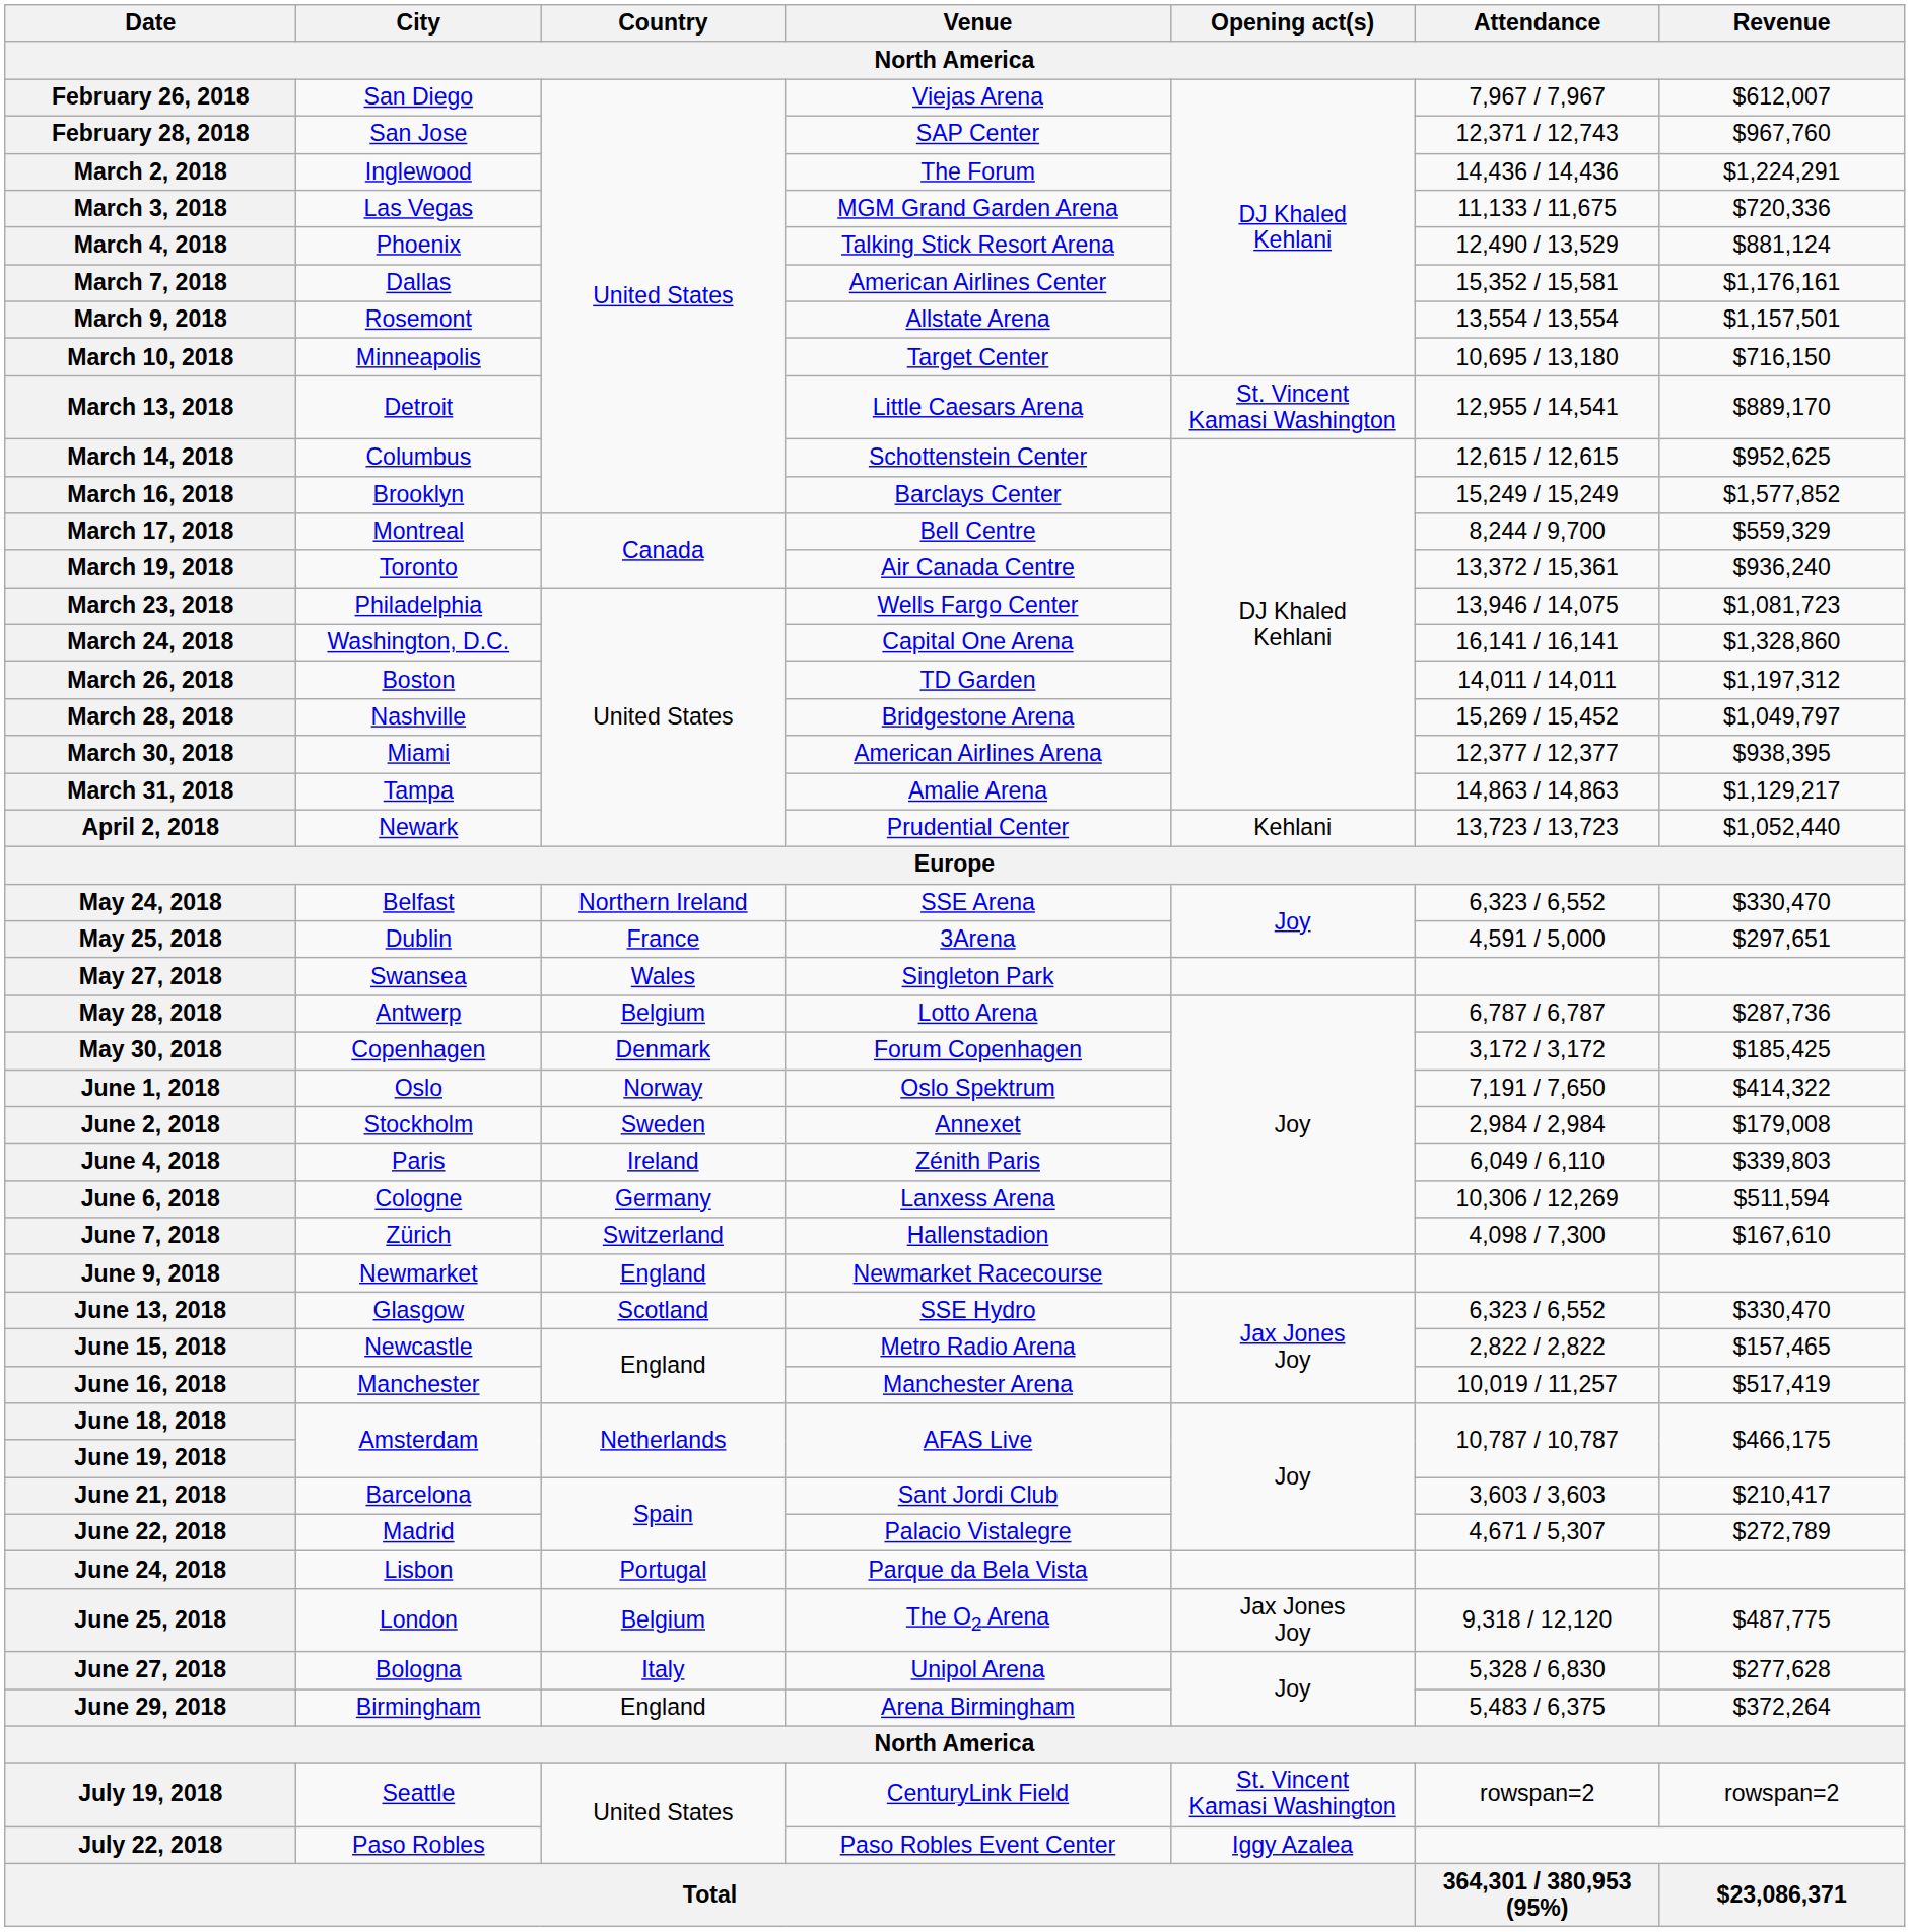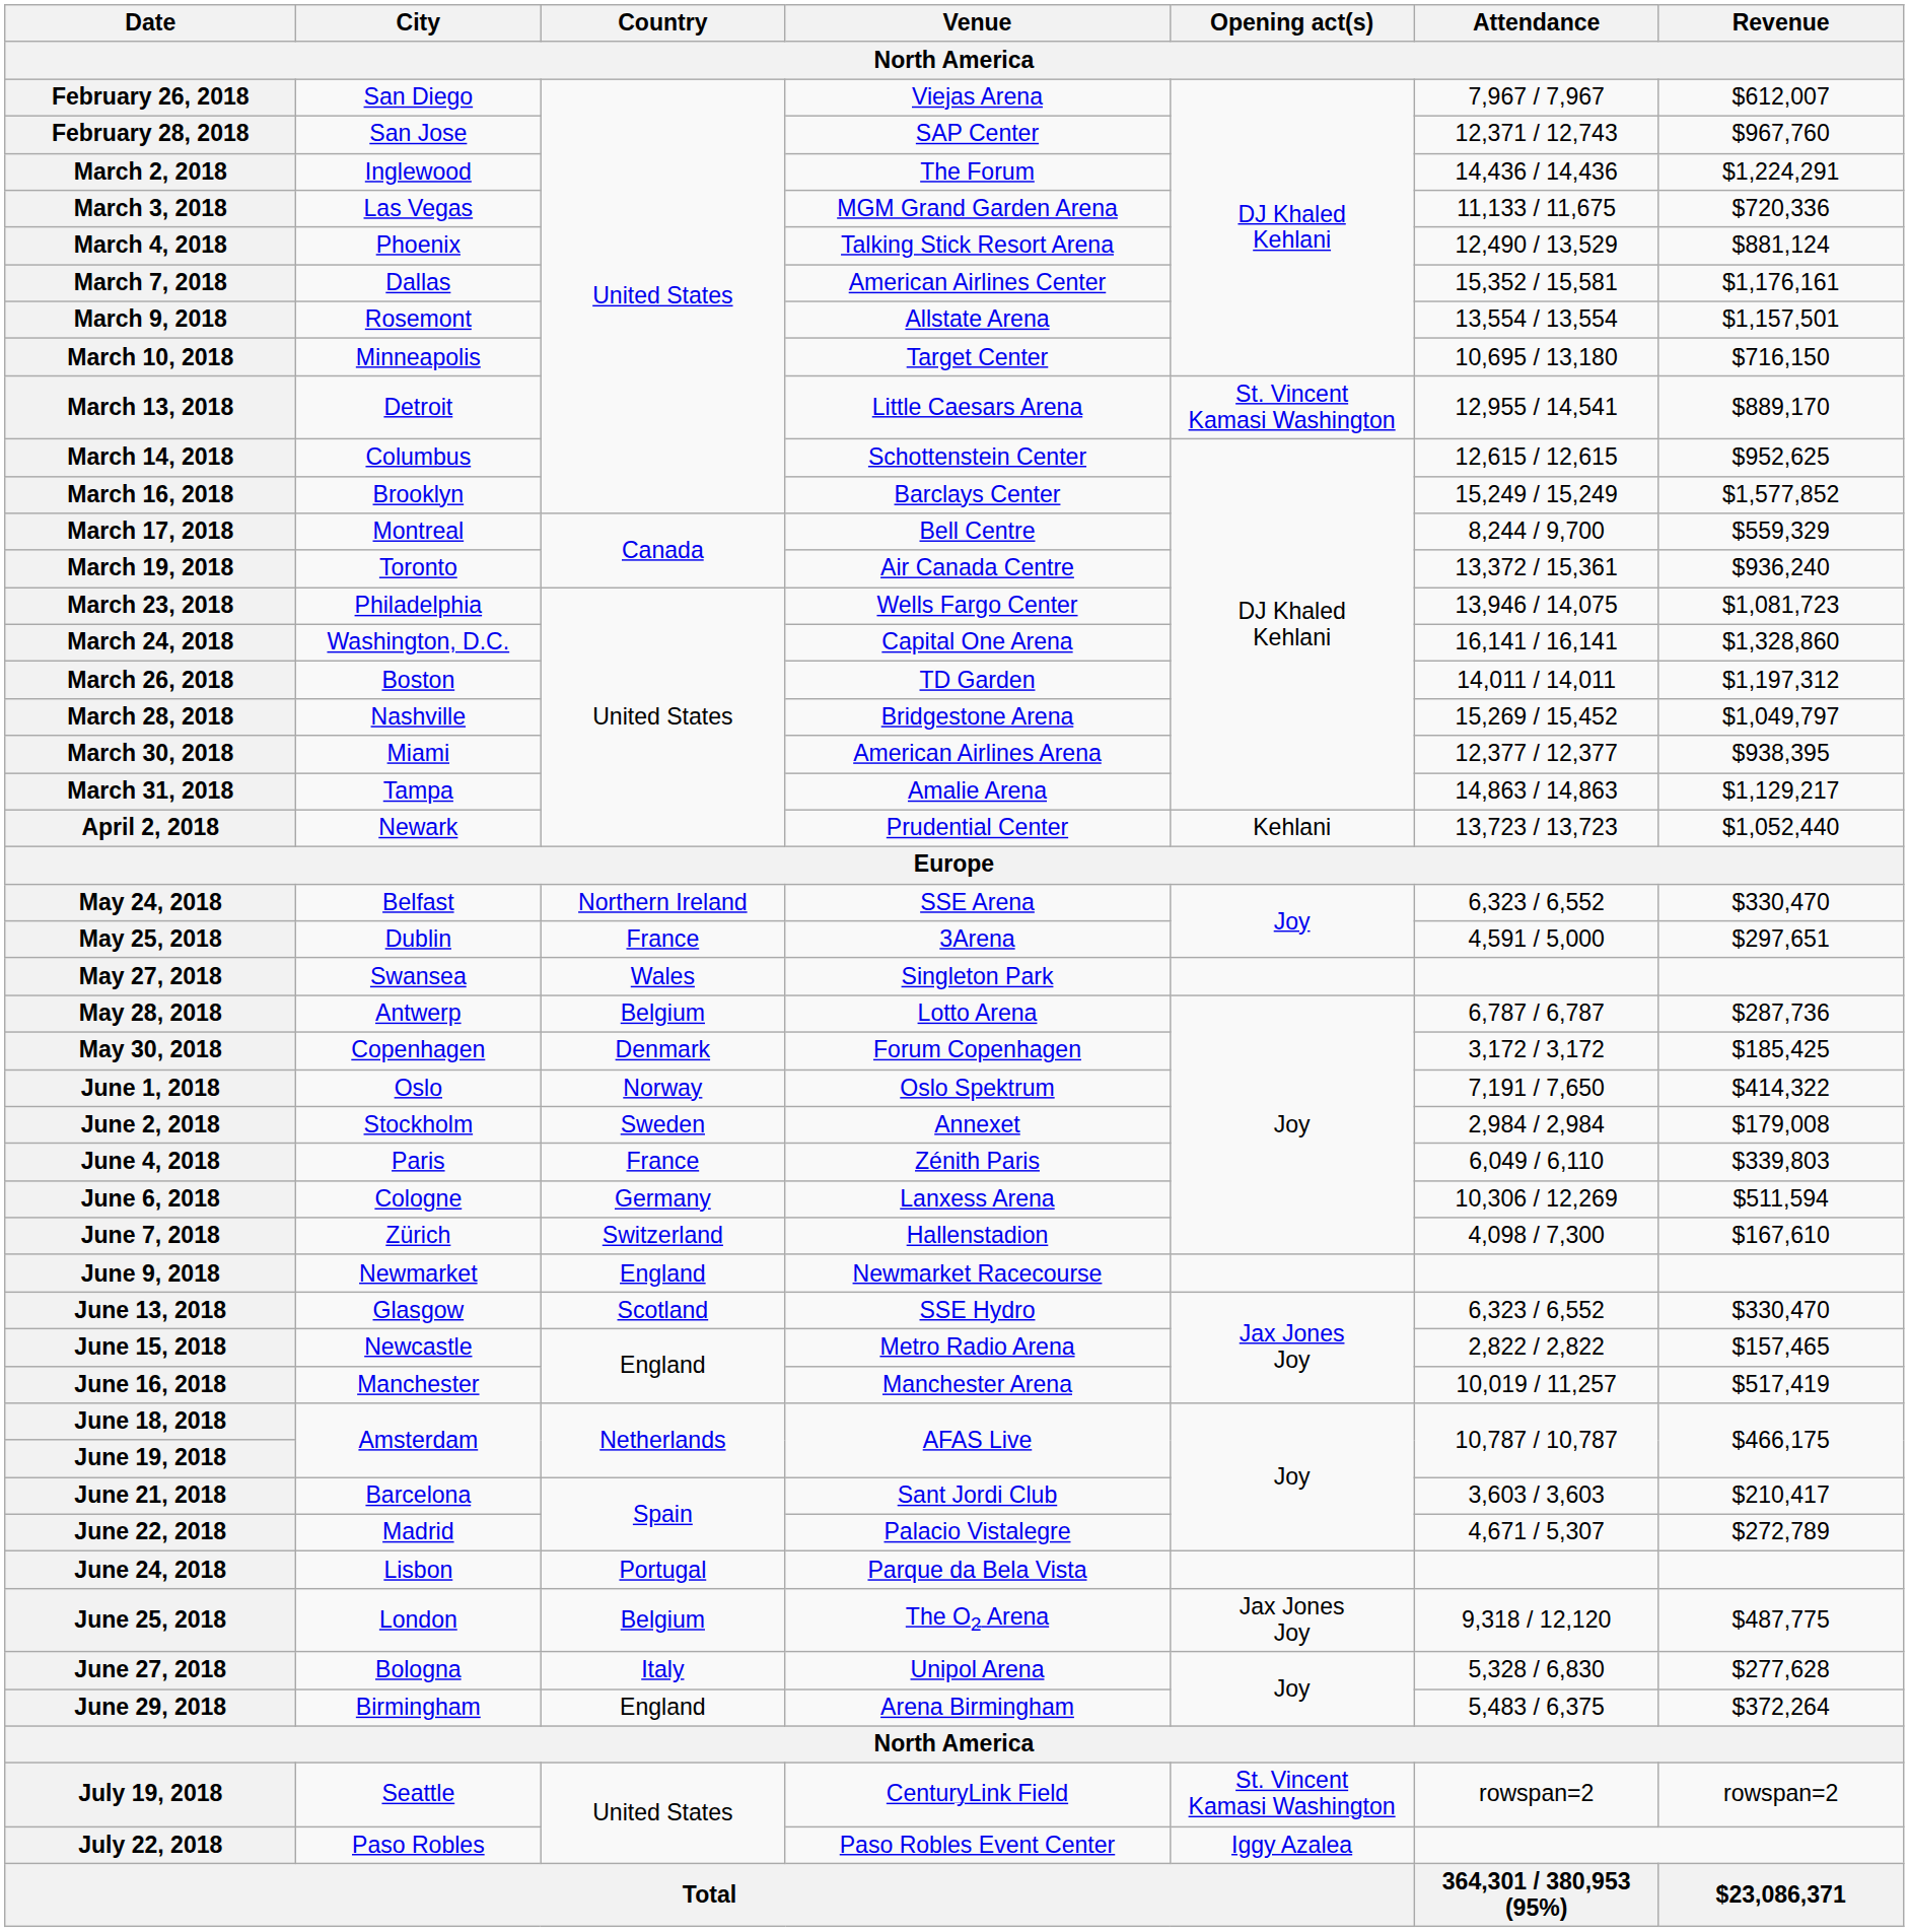 <table class="wikitable plainrowheaders" style="text-align:center;">
 <tr>
 <th scope="col" style="width:12em;">Date</th>
 <th scope="col" style="width:10em;">City</th>
 <th scope="col" style="width:10em;">Country</th>
 <th scope="col" style="width:16em;">Venue</th>
 <th scope="col" style="width:10em;">Opening act(s)</th>
 <th scope="col" style="width:10em;">Attendance</th>
 <th scope="col" style="width:10em;">Revenue</th>
 </tr>
 <tr>
 <th colspan="7">North America</th>
 </tr>
 <tr>
 <th scope="row" style="text-align:center;">February 26, 2018</th>
 <td><a href='#'>San Diego</a></td>
 <td rowspan="11"><a href='#'>United States</a></td>
 <td><a href='#'>Viejas Arena</a></td>
 <td rowspan="8"><a href='#'>DJ Khaled</a><br><a href='#'>Kehlani</a></td>
 <td>7,967 / 7,967</td>
 <td>$612,007</td>
 </tr>
 <tr>
 <th scope="row" style="text-align:center;">February 28, 2018</th>
 <td><a href='#'>San Jose</a></td>
 <td><a href='#'>SAP Center</a></td>
 <td>12,371 / 12,743</td>
 <td>$967,760</td>
 </tr>
 <tr>
 <th scope="row" style="text-align:center;">March 2, 2018</th>
 <td><a href='#'>Inglewood</a></td>
 <td><a href='#'>The Forum</a></td>
 <td>14,436 / 14,436</td>
 <td>$1,224,291</td>
 </tr>
 <tr>
 <th scope="row" style="text-align:center;">March 3, 2018</th>
 <td><a href='#'>Las Vegas</a></td>
 <td><a href='#'>MGM Grand Garden Arena</a></td>
 <td>11,133 / 11,675</td>
 <td>$720,336</td>
 </tr>
 <tr>
 <th scope="row" style="text-align:center;">March 4, 2018</th>
 <td><a href='#'>Phoenix</a></td>
 <td><a href='#'>Talking Stick Resort Arena</a></td>
 <td>12,490 / 13,529</td>
 <td>$881,124</td>
 </tr>
 <tr>
 <th scope="row" style="text-align:center;">March 7, 2018</th>
 <td><a href='#'>Dallas</a></td>
 <td><a href='#'>American Airlines Center</a></td>
 <td>15,352 / 15,581</td>
 <td>$1,176,161</td>
 </tr>
 <tr>
 <th scope="row" style="text-align:center;">March 9, 2018</th>
 <td><a href='#'>Rosemont</a></td>
 <td><a href='#'>Allstate Arena</a></td>
 <td>13,554 / 13,554</td>
 <td>$1,157,501</td>
 </tr>
 <tr>
 <th scope="row" style="text-align:center;">March 10, 2018</th>
 <td><a href='#'>Minneapolis</a></td>
 <td><a href='#'>Target Center</a></td>
 <td>10,695 / 13,180</td>
 <td>$716,150</td>
 </tr>
 <tr>
 <th scope="row" style="text-align:center;">March 13, 2018</th>
 <td><a href='#'>Detroit</a></td>
 <td><a href='#'>Little Caesars Arena</a></td>
 <td><a href='#'>St. Vincent</a><br><a href='#'>Kamasi Washington</a></td>
 <td>12,955 / 14,541</td>
 <td>$889,170</td>
 </tr>
 <tr>
 <th scope="row" style="text-align:center;">March 14, 2018</th>
 <td><a href='#'>Columbus</a></td>
 <td><a href='#'>Schottenstein Center</a></td>
 <td rowspan="10">DJ Khaled<br>Kehlani</td>
 <td>12,615 / 12,615</td>
 <td>$952,625</td>
 </tr>
 <tr>
 <th scope="row" style="text-align:center;">March 16, 2018</th>
 <td><a href='#'>Brooklyn</a></td>
 <td><a href='#'>Barclays Center</a></td>
 <td>15,249 / 15,249</td>
 <td>$1,577,852</td>
 </tr>
 <tr>
 <th scope="row" style="text-align:center;">March 17, 2018</th>
 <td><a href='#'>Montreal</a></td>
 <td rowspan="2"><a href='#'>Canada</a></td>
 <td><a href='#'>Bell Centre</a></td>
 <td>8,244 / 9,700</td>
 <td>$559,329</td>
 </tr>
 <tr>
 <th scope="row" style="text-align:center;">March 19, 2018</th>
 <td><a href='#'>Toronto</a></td>
 <td><a href='#'>Air Canada Centre</a></td>
 <td>13,372 / 15,361</td>
 <td>$936,240</td>
 </tr>
 <tr>
 <th scope="row" style="text-align:center;">March 23, 2018</th>
 <td><a href='#'>Philadelphia</a></td>
 <td rowspan="7">United States</td>
 <td><a href='#'>Wells Fargo Center</a></td>
 <td>13,946 / 14,075</td>
 <td>$1,081,723</td>
 </tr>
 <tr>
 <th scope="row" style="text-align:center;">March 24, 2018</th>
 <td><a href='#'>Washington, D.C.</a></td>
 <td><a href='#'>Capital One Arena</a></td>
 <td>16,141 / 16,141</td>
 <td>$1,328,860</td>
 </tr>
 <tr>
 <th scope="row" style="text-align:center;">March 26, 2018</th>
 <td><a href='#'>Boston</a></td>
 <td><a href='#'>TD Garden</a></td>
 <td>14,011 / 14,011</td>
 <td>$1,197,312</td>
 </tr>
 <tr>
 <th scope="row" style="text-align:center;">March 28, 2018</th>
 <td><a href='#'>Nashville</a></td>
 <td><a href='#'>Bridgestone Arena</a></td>
 <td>15,269 / 15,452</td>
 <td>$1,049,797</td>
 </tr>
 <tr>
 <th scope="row" style="text-align:center;">March 30, 2018</th>
 <td><a href='#'>Miami</a></td>
 <td><a href='#'>American Airlines Arena</a></td>
 <td>12,377 / 12,377</td>
 <td>$938,395</td>
 </tr>
 <tr>
 <th scope="row" style="text-align:center;">March 31, 2018</th>
 <td><a href='#'>Tampa</a></td>
 <td><a href='#'>Amalie Arena</a></td>
 <td>14,863 / 14,863</td>
 <td>$1,129,217</td>
 </tr>
 <tr>
 <th scope="row" style="text-align:center;">April 2, 2018</th>
 <td><a href='#'>Newark</a></td>
 <td><a href='#'>Prudential Center</a></td>
 <td>Kehlani</td>
 <td>13,723 / 13,723</td>
 <td>$1,052,440</td>
 </tr>
 <tr>
 <th colspan="7">Europe</th>
 </tr>
 <tr>
 <th scope="row" style="text-align:center;">May 24, 2018</th>
 <td><a href='#'>Belfast</a></td>
 <td><a href='#'>Northern Ireland</a></td>
 <td><a href='#'>SSE Arena</a></td>
 <td rowspan="2"><a href='#'>Joy</a></td>
 <td>6,323 / 6,552</td>
 <td>$330,470</td>
 </tr>
 <tr>
 <th scope="row" style="text-align:center;">May 25, 2018</th>
 <td><a href='#'>Dublin</a></td>
 <td><a href='#'>France</a></td>
 <td><a href='#'>3Arena</a></td>
 <td>4,591 / 5,000</td>
 <td>$297,651</td>
 </tr>
 <tr>
 <th scope="row" style="text-align:center;">May 27, 2018</th>
 <td><a href='#'>Swansea</a></td>
 <td><a href='#'>Wales</a></td>
 <td><a href='#'>Singleton Park</a></td>
 <td></td>
 <td></td>
 <td></td>
 </tr>
 <tr>
 <th scope="row" style="text-align:center;">May 28, 2018</th>
 <td><a href='#'>Antwerp</a></td>
 <td><a href='#'>Belgium</a></td>
 <td><a href='#'>Lotto Arena</a></td>
 <td rowspan="7">Joy</td>
 <td>6,787 / 6,787</td>
 <td>$287,736</td>
 </tr>
 <tr>
 <th scope="row" style="text-align:center;">May 30, 2018</th>
 <td><a href='#'>Copenhagen</a></td>
 <td><a href='#'>Denmark</a></td>
 <td><a href='#'>Forum Copenhagen</a></td>
 <td>3,172 / 3,172</td>
 <td>$185,425</td>
 </tr>
 <tr>
 <th scope="row" style="text-align:center;">June 1, 2018</th>
 <td><a href='#'>Oslo</a></td>
 <td><a href='#'>Norway</a></td>
 <td><a href='#'>Oslo Spektrum</a></td>
 <td>7,191 / 7,650</td>
 <td>$414,322</td>
 </tr>
 <tr>
 <th scope="row" style="text-align:center;">June 2, 2018</th>
 <td><a href='#'>Stockholm</a></td>
 <td><a href='#'>Sweden</a></td>
 <td><a href='#'>Annexet</a></td>
 <td>2,984 / 2,984</td>
 <td>$179,008</td>
 </tr>
 <tr>
 <th scope="row" style="text-align:center;">June 4, 2018</th>
 <td><a href='#'>Paris</a></td>
-<td><a href='#'>Ireland</a></td>
+<td><a href='#'>France</a></td>
 <td><a href='#'>Zénith Paris</a></td>
 <td>6,049 / 6,110</td>
 <td>$339,803</td>
 </tr>
 <tr>
 <th scope="row" style="text-align:center;">June 6, 2018</th>
 <td><a href='#'>Cologne</a></td>
 <td><a href='#'>Germany</a></td>
 <td><a href='#'>Lanxess Arena</a></td>
 <td>10,306 / 12,269</td>
 <td>$511,594</td>
 </tr>
 <tr>
 <th scope="row" style="text-align:center;">June 7, 2018</th>
 <td><a href='#'>Zürich</a></td>
 <td><a href='#'>Switzerland</a></td>
 <td><a href='#'>Hallenstadion</a></td>
 <td>4,098 / 7,300</td>
 <td>$167,610</td>
 </tr>
 <tr>
 <th scope="row" style="text-align:center;">June 9, 2018</th>
 <td><a href='#'>Newmarket</a></td>
 <td><a href='#'>England</a></td>
 <td><a href='#'>Newmarket Racecourse</a></td>
 <td></td>
 <td></td>
 <td></td>
 </tr>
 <tr>
 <th scope="row" style="text-align:center;">June 13, 2018</th>
 <td><a href='#'>Glasgow</a></td>
 <td><a href='#'>Scotland</a></td>
 <td><a href='#'>SSE Hydro</a></td>
 <td rowspan="3"><a href='#'>Jax Jones</a><br>Joy</td>
 <td>6,323 / 6,552</td>
 <td>$330,470</td>
 </tr>
 <tr>
 <th scope="row" style="text-align:center;">June 15, 2018</th>
 <td><a href='#'>Newcastle</a></td>
 <td rowspan="2">England</td>
 <td><a href='#'>Metro Radio Arena</a></td>
 <td>2,822 / 2,822</td>
 <td>$157,465</td>
 </tr>
 <tr>
 <th scope="row" style="text-align:center;">June 16, 2018</th>
 <td><a href='#'>Manchester</a></td>
 <td><a href='#'>Manchester Arena</a></td>
 <td>10,019 / 11,257</td>
 <td>$517,419</td>
 </tr>
 <tr>
 <th scope="row" style="text-align:center;">June 18, 2018</th>
 <td rowspan="2"><a href='#'>Amsterdam</a></td>
 <td rowspan="2"><a href='#'>Netherlands</a></td>
 <td rowspan="2"><a href='#'>AFAS Live</a></td>
 <td rowspan="4">Joy</td>
 <td rowspan="2">10,787 / 10,787</td>
 <td rowspan="2">$466,175</td>
 </tr>
 <tr>
 <th scope="row" style="text-align:center;">June 19, 2018</th>
 </tr>
 <tr>
 <th scope="row" style="text-align:center;">June 21, 2018</th>
 <td><a href='#'>Barcelona</a></td>
 <td rowspan="2"><a href='#'>Spain</a></td>
 <td><a href='#'>Sant Jordi Club</a></td>
 <td>3,603 / 3,603</td>
 <td>$210,417</td>
 </tr>
 <tr>
 <th scope="row" style="text-align:center;">June 22, 2018</th>
 <td><a href='#'>Madrid</a></td>
 <td><a href='#'>Palacio Vistalegre</a></td>
 <td>4,671 / 5,307</td>
 <td>$272,789</td>
 </tr>
 <tr>
 <th scope="row" style="text-align:center;">June 24, 2018</th>
 <td><a href='#'>Lisbon</a></td>
 <td><a href='#'>Portugal</a></td>
 <td><a href='#'>Parque da Bela Vista</a></td>
 <td></td>
 <td></td>
 <td></td>
 </tr>
 <tr>
 <th scope="row" style="text-align:center;">June 25, 2018</th>
 <td><a href='#'>London</a></td>
 <td><a href='#'>Belgium</a></td>
 <td><a href='#'>The O<sub>2</sub> Arena</a></td>
 <td>Jax Jones<br>Joy</td>
 <td>9,318 / 12,120</td>
 <td>$487,775</td>
 </tr>
 <tr>
 <th scope="row" style="text-align:center;">June 27, 2018</th>
 <td><a href='#'>Bologna</a></td>
 <td><a href='#'>Italy</a></td>
 <td><a href='#'>Unipol Arena</a></td>
 <td rowspan="2">Joy</td>
 <td>5,328 / 6,830</td>
 <td>$277,628</td>
 </tr>
 <tr>
 <th scope="row" style="text-align:center;">June 29, 2018</th>
 <td><a href='#'>Birmingham</a></td>
 <td>England</td>
 <td><a href='#'>Arena Birmingham</a></td>
 <td>5,483 / 6,375</td>
 <td>$372,264</td>
 </tr>
 <tr>
 <th colspan="7">North America</th>
 </tr>
 <tr>
 <th scope="row" style="text-align:center;">July 19, 2018</th>
 <td><a href='#'>Seattle</a></td>
 <td rowspan=2>United States</td>
 <td><a href='#'>CenturyLink Field</a></td>
 <td><a href='#'>St. Vincent</a><br><a href='#'>Kamasi Washington</a></td>
 <td>rowspan=2 </td>
 <td>rowspan=2 </td>
 </tr>
 <tr>
 <th scope="row" style="text-align:center;">July 22, 2018</th>
 <td><a href='#'>Paso Robles</a></td>
 <td><a href='#'>Paso Robles Event Center</a></td>
 <td><a href='#'>Iggy Azalea</a></td>
 </tr>
 <tr>
 <th colspan="5">Total</th>
 <th>364,301 / 380,953 (95%)</th>
 <th>$23,086,371</th>
 </tr>
 </table>
